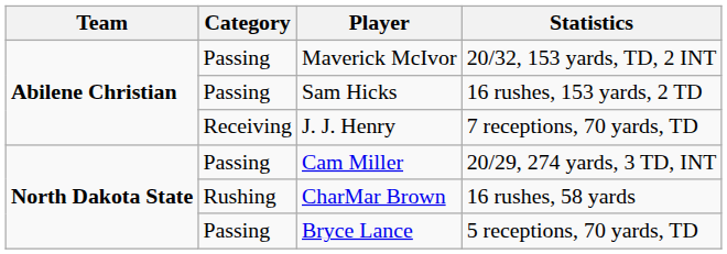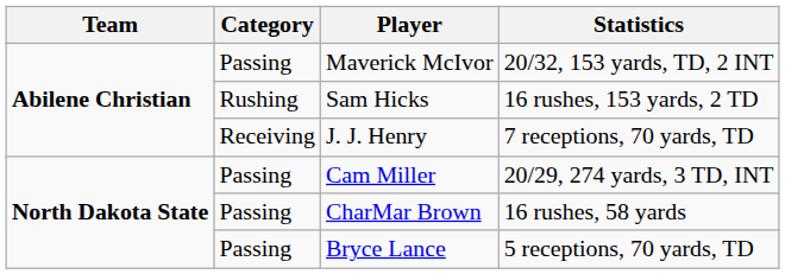 <table class="wikitable" style="float: right;">
 <tr>
 <th>Team</th>
 <th>Category</th>
 <th>Player</th>
 <th>Statistics</th>
 </tr>
 <tr>
 <td rowspan=3><strong>Abilene Christian</strong></td>
 <td>Passing</td>
 <td>Maverick McIvor</td>
 <td>20/32, 153 yards, TD, 2 INT</td>
 </tr>
 <tr>
-<td>Passing</td>
+<td>Rushing</td>
 <td>Sam Hicks</td>
 <td>16 rushes, 153 yards, 2 TD</td>
 </tr>
 <tr>
 <td>Receiving</td>
 <td>J. J. Henry</td>
 <td>7 receptions, 70 yards, TD</td>
 </tr>
 <tr>
 <td rowspan=3><strong>North Dakota State</strong></td>
 <td>Passing</td>
 <td><a href='#'>Cam Miller</a></td>
 <td>20/29, 274 yards, 3 TD, INT</td>
 </tr>
 <tr>
-<td>Rushing</td>
+<td>Passing</td>
 <td><a href='#'>CharMar Brown</a></td>
 <td>16 rushes, 58 yards</td>
 </tr>
 <tr>
 <td>Passing</td>
 <td><a href='#'>Bryce Lance</a></td>
 <td>5 receptions, 70 yards, TD</td>
 </tr>
 </table>
